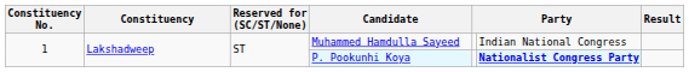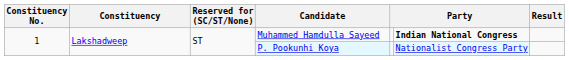 <table class= "wikitable sortable">
 <tr>
 <th>Constituency <br> No.</th>
 <th style="width:180px;">Constituency</th>
 <th>Reserved for<br>(SC/ST/None)</th>
 <th style="width:200px;">Candidate</th>
 <th colspan="2">Party</th>
 <th>Result</th>
 </tr>
 <tr>
 <td rowspan="2" align="center">1</td>
 <td rowspan="2"><a href='#'>Lakshadweep</a></td>
 <td rowspan="2">ST</td>
 <td><a href='#'>Muhammed Hamdulla Sayeed</a></td>
 <td bgcolor=></td>
-<td>Indian National Congress</td>
+<td><strong>Indian National Congress</strong></td>
 <td></td>
 </tr>
 <tr>
 <td style="background:#E5F8FF"><a href='#'>P. Pookunhi Koya</a></td>
 <td bgcolor=></td>
-<td style="background:#E5F8FF"><strong><a href='#'>Nationalist Congress Party</a></strong></td>
+<td style="background:#E5F8FF"><a href='#'>Nationalist Congress Party</a></td>
 <td></td>
 </tr>
 </table>
